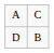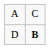 <table class="wikitable" style="margin-left:auto;margin-right:auto;text-align:center;width:4em;height:4em;table-layout:fixed;">
 <tr>
 <td>A</td>
 <td>C</td>
 </tr>
 <tr>
 <td>D</td>
-<td>B</td>
+<td><strong>B</strong></td>
 </tr>
 </table>
